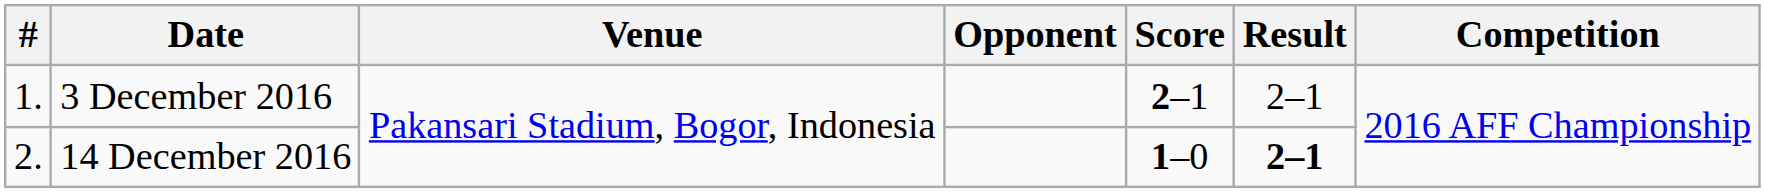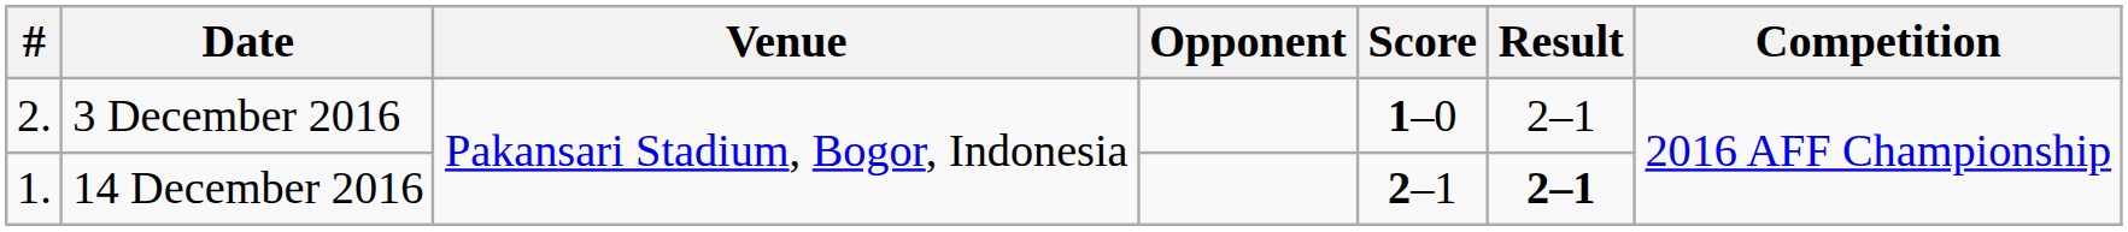 <table class="wikitable">
 <tr>
 <th>#</th>
 <th>Date</th>
 <th>Venue</th>
 <th>Opponent</th>
 <th>Score</th>
 <th>Result</th>
 <th>Competition</th>
 </tr>
 <tr>
-<td>1.</td>
+<td>2.</td>
 <td>3 December 2016</td>
 <td rowspan=2><a href='#'>Pakansari Stadium</a>, <a href='#'>Bogor</a>, Indonesia</td>
 <td></td>
-<td align=center><strong>2</strong>–1</td>
+<td align=center><strong>1</strong>–0</td>
 <td align=center>2–1</td>
 <td rowspan=2><a href='#'>2016 AFF Championship</a></td>
 </tr>
 <tr>
-<td>2.</td>
+<td>1.</td>
 <td>14 December 2016</td>
 <td></td>
-<td align=center><strong>1</strong>–0</td>
+<td align=center><strong>2</strong>–1</td>
 <td align=center><strong>2–1</strong></td>
 </tr>
 </table>
